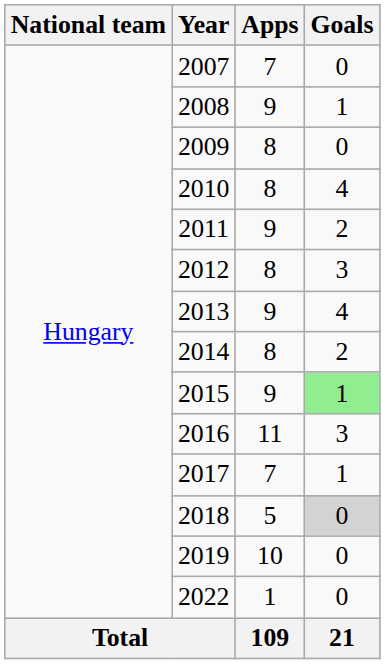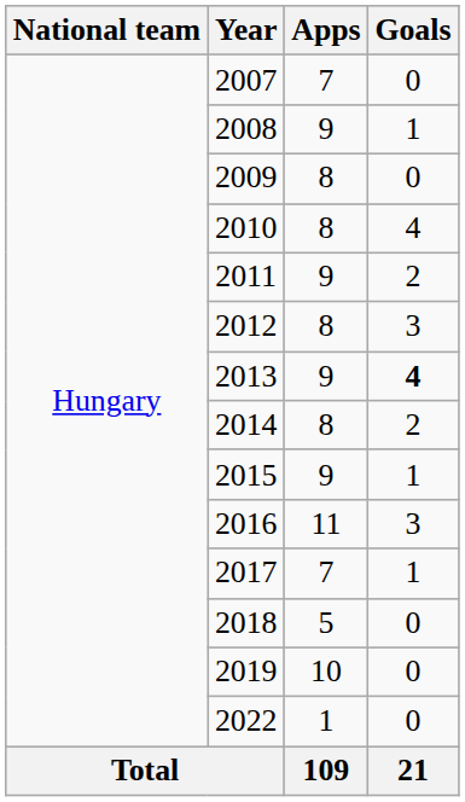 <table class="wikitable" style="text-align:center">
 <tr>
 <th>National team</th>
 <th>Year</th>
 <th>Apps</th>
 <th>Goals</th>
 </tr>
 <tr>
 <td rowspan="14"><a href='#'>Hungary</a></td>
 <td>2007</td>
 <td>7</td>
 <td>0</td>
 </tr>
 <tr>
 <td>2008</td>
 <td>9</td>
 <td>1</td>
 </tr>
 <tr>
 <td>2009</td>
 <td>8</td>
 <td>0</td>
 </tr>
 <tr>
 <td>2010</td>
 <td>8</td>
 <td>4</td>
 </tr>
 <tr>
 <td>2011</td>
 <td>9</td>
 <td>2</td>
 </tr>
 <tr>
 <td>2012</td>
 <td>8</td>
 <td>3</td>
 </tr>
 <tr>
 <td>2013</td>
 <td>9</td>
-<td>4</td>
+<td><strong>4</strong></td>
 </tr>
 <tr>
 <td>2014</td>
 <td>8</td>
 <td>2</td>
 </tr>
 <tr>
 <td>2015</td>
 <td>9</td>
-<td style="background: lightgreen;">1</td>
+<td>1</td>
 </tr>
 <tr>
 <td>2016</td>
 <td>11</td>
 <td>3</td>
 </tr>
 <tr>
 <td>2017</td>
 <td>7</td>
 <td>1</td>
 </tr>
 <tr>
 <td>2018</td>
 <td>5</td>
-<td style="background: lightgrey;">0</td>
+<td>0</td>
 </tr>
 <tr>
 <td>2019</td>
 <td>10</td>
 <td>0</td>
 </tr>
 <tr>
 <td>2022</td>
 <td>1</td>
 <td>0</td>
 </tr>
 <tr>
 <th colspan="2">Total</th>
 <th>109</th>
 <th>21</th>
 </tr>
 </table>
